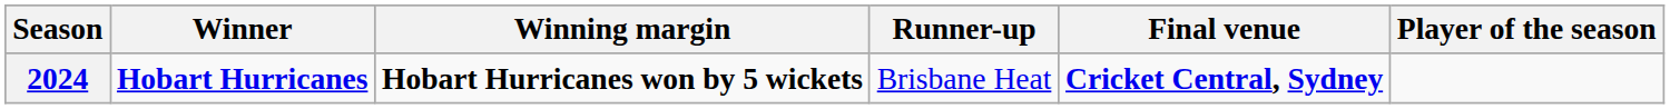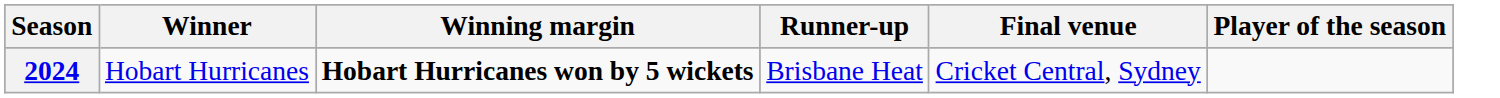 <table class="wikitable" style="font-size:100%; text-align: center;">
 <tr>
 <th>Season</th>
 <th>Winner</th>
 <th>Winning margin</th>
 <th>Runner-up</th>
 <th>Final venue</th>
 <th>Player of the season</th>
 </tr>
 <tr>
 <th><strong><a href='#'></strong>2024<strong></a></strong></th>
-<td><strong><a href='#'>Hobart Hurricanes</a></strong></td>
+<td><a href='#'>Hobart Hurricanes</a></td>
 <td><strong>Hobart Hurricanes won by 5 wickets</strong><br></td>
 <td><a href='#'>Brisbane Heat</a></td>
-<td><strong><a href='#'>Cricket Central</a>, <a href='#'>Sydney</a></strong></td>
+<td><a href='#'>Cricket Central</a>, <a href='#'>Sydney</a></td>
 </tr>
 </table>
